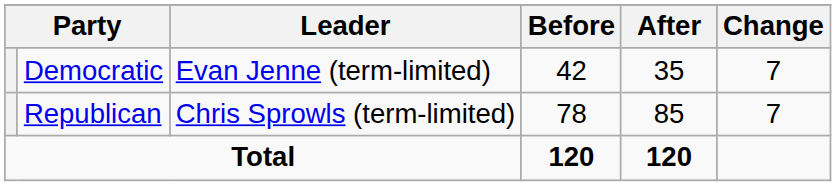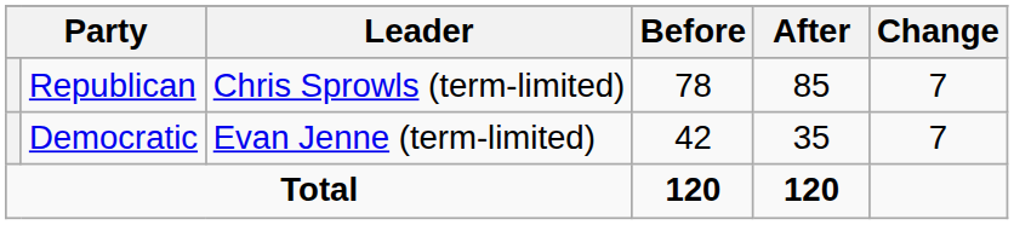 <table class="wikitable" style="text-align:center;">
 <tr>
 </tr>
 <tr>
 <th colspan=2>Party</th>
 <th>Leader</th>
 <th style="width:3em">Before</th>
 <th style="width:3em">After</th>
 <th style="width:3em">Change</th>
 </tr>
 <tr>
 <th style="background-color:"></th>
+<td style="text-align:left;"><a href='#'>Republican</a></td>
+<td style="text-align:left;"><a href='#'>Chris Sprowls</a> (term-limited)</td>
+<td>78</td>
+<td>85</td>
+<td> 7</td>
+</tr>
+<tr>
+<th style="background-color:"></th>
 <td style="text-align:left;"><a href='#'>Democratic</a></td>
 <td style="text-align:left;"><a href='#'>Evan Jenne</a> (term-limited)</td>
 <td>42</td>
 <td>35</td>
-<td> 7</td>
-</tr>
-<tr>
-<th style="background-color:"></th>
-<td style="text-align:left;"><a href='#'>Republican</a></td>
-<td style="text-align:left;"><a href='#'>Chris Sprowls</a> (term-limited)</td>
-<td>78</td>
-<td>85</td>
 <td> 7</td>
 </tr>
 <tr>
 <td colspan=3><strong>Total</strong></td>
 <td><strong>120</strong></td>
 <td><strong>120</strong></td>
 <td></td>
 </tr>
 </table>
